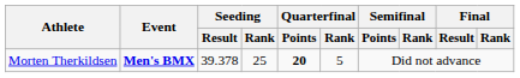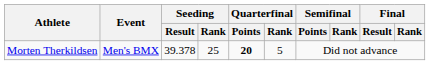 <table class="wikitable" style="font-size:90%">
 <tr>
 <th rowspan="2">Athlete</th>
 <th rowspan="2">Event</th>
 <th colspan="2">Seeding</th>
 <th colspan="2">Quarterfinal</th>
 <th colspan="2">Semifinal</th>
 <th colspan="2">Final</th>
 </tr>
 <tr style="font-size:95%">
 <th>Result</th>
 <th>Rank</th>
 <th>Points</th>
 <th>Rank</th>
 <th>Points</th>
 <th>Rank</th>
 <th>Result</th>
 <th>Rank</th>
 </tr>
 <tr align=center>
 <td align=left><a href='#'>Morten Therkildsen</a></td>
-<td align=left><strong><a href='#'>Men's BMX</a></strong></td>
+<td align=left><a href='#'>Men's BMX</a></td>
 <td>39.378</td>
 <td>25</td>
 <td><strong>20</strong></td>
 <td>5</td>
 <td colspan=4>Did not advance</td>
 </tr>
 </table>
